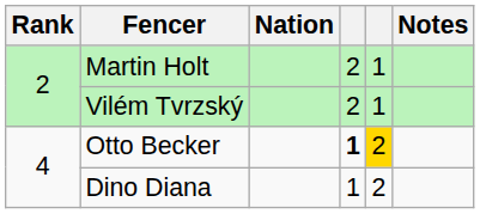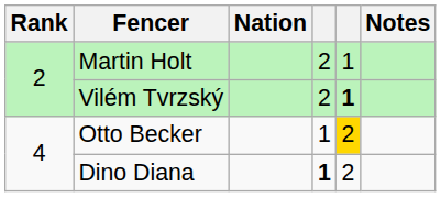 <table class="wikitable sortable" style="text-align:center">
 <tr>
 <th>Rank</th>
 <th>Fencer</th>
 <th>Nation</th>
 <th></th>
 <th></th>
 <th>Notes</th>
 </tr>
 <tr bgcolor=bbf3bb>
 <td rowspan=2>2</td>
 <td align=left>Martin Holt</td>
 <td align=left></td>
 <td>2</td>
 <td>1</td>
 <td></td>
 </tr>
 <tr bgcolor=bbf3bb>
 <td align=left>Vilém Tvrzský</td>
 <td align=left></td>
 <td>2</td>
-<td>1</td>
+<td><strong>1</strong></td>
 <td></td>
 </tr>
 <tr>
 <td rowspan=2>4</td>
 <td align=left>Otto Becker</td>
 <td align=left></td>
-<td><strong>1</strong></td>
+<td>1</td>
 <td style="background: gold;">2</td>
 <td></td>
 </tr>
 <tr>
 <td align=left>Dino Diana</td>
 <td align=left></td>
-<td>1</td>
+<td><strong>1</strong></td>
 <td>2</td>
 <td></td>
 </tr>
 </table>
